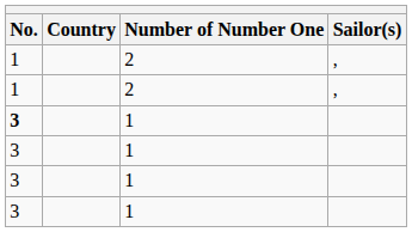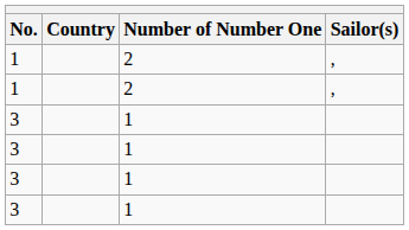 <table class="sortable wikitable">
 <tr>
 <th colspan="4"></th>
 </tr>
 <tr>
 <th>No.</th>
 <th>Country</th>
 <th>Number of Number One</th>
 <th>Sailor(s)</th>
 </tr>
 <tr>
 <td>1</td>
 <td></td>
 <td>2</td>
 <td>, </td>
 </tr>
 <tr>
 <td>1</td>
 <td></td>
 <td>2</td>
 <td>, </td>
 </tr>
 <tr>
-<td><strong>3</strong></td>
+<td>3</td>
 <td></td>
 <td>1</td>
 <td></td>
 </tr>
 <tr>
 <td>3</td>
 <td></td>
 <td>1</td>
 <td></td>
 </tr>
 <tr>
 <td>3</td>
 <td></td>
 <td>1</td>
 <td></td>
 </tr>
 <tr>
 <td>3</td>
 <td></td>
 <td>1</td>
 <td></td>
 </tr>
 <tr>
 </tr>
 </table>
